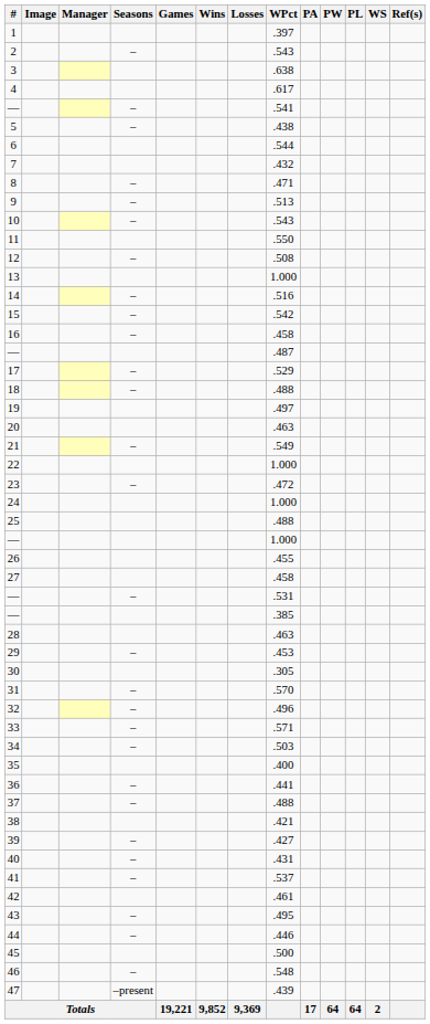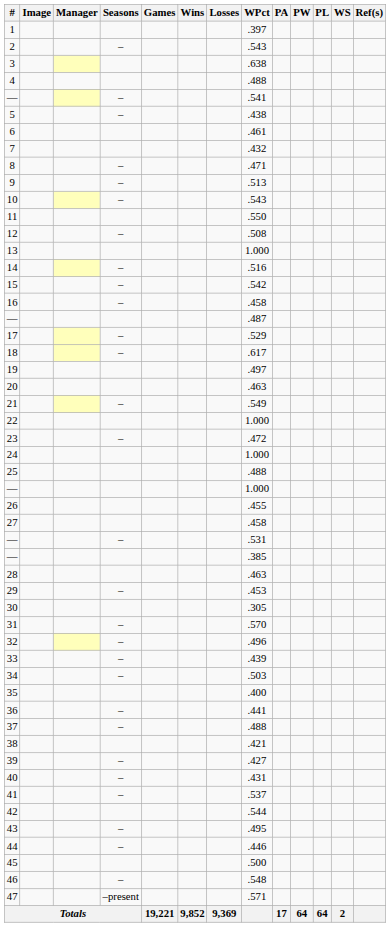 <table class="wikitable sortable" style="text-align:center">
 <tr>
 <th class="unsortable">#</th>
 <th>Image</th>
 <th>Manager</th>
 <th>Seasons</th>
 <th>Games</th>
 <th>Wins</th>
 <th>Losses</th>
 <th>WPct</th>
 <th>PA</th>
 <th>PW</th>
 <th>PL</th>
 <th>WS</th>
 <th class="unsortable">Ref(s)</th>
 </tr>
 <tr>
 <td>1</td>
 <td></td>
 <td></td>
 <td></td>
 <td></td>
 <td></td>
 <td></td>
 <td>.397</td>
 <td></td>
 <td></td>
 <td></td>
 <td></td>
 <td></td>
 </tr>
 <tr>
 <td>2</td>
 <td></td>
 <td></td>
 <td>–</td>
 <td></td>
 <td></td>
 <td></td>
 <td>.543</td>
 <td></td>
 <td></td>
 <td></td>
 <td></td>
 <td></td>
 </tr>
 <tr>
 <td>3</td>
 <td></td>
 <td bgcolor="#ffffbb"></td>
 <td></td>
 <td></td>
 <td></td>
 <td></td>
 <td>.638</td>
 <td></td>
 <td></td>
 <td></td>
 <td></td>
 <td></td>
 </tr>
 <tr>
 <td>4</td>
 <td></td>
 <td></td>
 <td></td>
 <td></td>
 <td></td>
 <td></td>
-<td>.617</td>
+<td>.488</td>
 <td></td>
 <td></td>
 <td></td>
 <td></td>
 <td></td>
 </tr>
 <tr>
 <td>—</td>
 <td></td>
 <td bgcolor="#ffffbb"></td>
 <td>–</td>
 <td></td>
 <td></td>
 <td></td>
 <td>.541</td>
 <td></td>
 <td></td>
 <td></td>
 <td></td>
 <td></td>
 </tr>
 <tr>
 <td>5</td>
 <td></td>
 <td></td>
 <td>–</td>
 <td></td>
 <td></td>
 <td></td>
 <td>.438</td>
 <td></td>
 <td></td>
 <td></td>
 <td></td>
 <td></td>
 </tr>
 <tr>
 <td>6</td>
 <td></td>
 <td></td>
 <td></td>
 <td></td>
 <td></td>
 <td></td>
-<td>.544</td>
+<td>.461</td>
 <td></td>
 <td></td>
 <td></td>
 <td></td>
 <td></td>
 </tr>
 <tr>
 <td>7</td>
 <td></td>
 <td></td>
 <td></td>
 <td></td>
 <td></td>
 <td></td>
 <td>.432</td>
 <td></td>
 <td></td>
 <td></td>
 <td></td>
 <td></td>
 </tr>
 <tr>
 <td>8</td>
 <td></td>
 <td></td>
 <td>–</td>
 <td></td>
 <td></td>
 <td></td>
 <td>.471</td>
 <td></td>
 <td></td>
 <td></td>
 <td></td>
 <td></td>
 </tr>
 <tr>
 <td>9</td>
 <td></td>
 <td></td>
 <td>–</td>
 <td></td>
 <td></td>
 <td></td>
 <td>.513</td>
 <td></td>
 <td></td>
 <td></td>
 <td></td>
 <td></td>
 </tr>
 <tr>
 <td>10</td>
 <td></td>
 <td bgcolor="#ffffbb"></td>
 <td>–</td>
 <td></td>
 <td></td>
 <td></td>
 <td>.543</td>
 <td></td>
 <td></td>
 <td></td>
 <td></td>
 <td></td>
 </tr>
 <tr>
 <td>11</td>
 <td></td>
 <td></td>
 <td></td>
 <td></td>
 <td></td>
 <td></td>
 <td>.550</td>
 <td></td>
 <td></td>
 <td></td>
 <td></td>
 <td></td>
 </tr>
 <tr>
 <td>12</td>
 <td></td>
 <td></td>
 <td>–</td>
 <td></td>
 <td></td>
 <td></td>
 <td>.508</td>
 <td></td>
 <td></td>
 <td></td>
 <td></td>
 <td></td>
 </tr>
 <tr>
 <td>13</td>
 <td></td>
 <td></td>
 <td></td>
 <td></td>
 <td></td>
 <td></td>
 <td>1.000</td>
 <td></td>
 <td></td>
 <td></td>
 <td></td>
 <td></td>
 </tr>
 <tr>
 <td>14</td>
 <td></td>
 <td bgcolor="#ffffbb"></td>
 <td>–</td>
 <td></td>
 <td></td>
 <td></td>
 <td>.516</td>
 <td></td>
 <td></td>
 <td></td>
 <td></td>
 <td></td>
 </tr>
 <tr>
 <td>15</td>
 <td></td>
 <td></td>
 <td>–</td>
 <td></td>
 <td></td>
 <td></td>
 <td>.542</td>
 <td></td>
 <td></td>
 <td></td>
 <td></td>
 <td></td>
 </tr>
 <tr>
 <td>16</td>
 <td></td>
 <td></td>
 <td>–</td>
 <td></td>
 <td></td>
 <td></td>
 <td>.458</td>
 <td></td>
 <td></td>
 <td></td>
 <td></td>
 <td></td>
 </tr>
 <tr>
 <td>—</td>
 <td></td>
 <td></td>
 <td></td>
 <td></td>
 <td></td>
 <td></td>
 <td>.487</td>
 <td></td>
 <td></td>
 <td></td>
 <td></td>
 <td></td>
 </tr>
 <tr>
 <td>17</td>
 <td></td>
 <td bgcolor="#ffffbb"></td>
 <td>–</td>
 <td></td>
 <td></td>
 <td></td>
 <td>.529</td>
 <td></td>
 <td></td>
 <td></td>
 <td></td>
 <td></td>
 </tr>
 <tr>
 <td>18</td>
 <td></td>
 <td bgcolor="#ffffbb"></td>
 <td>–</td>
 <td></td>
 <td></td>
 <td></td>
-<td>.488</td>
+<td>.617</td>
 <td></td>
 <td></td>
 <td></td>
 <td></td>
 <td></td>
 </tr>
 <tr>
 <td>19</td>
 <td></td>
 <td></td>
 <td></td>
 <td></td>
 <td></td>
 <td></td>
 <td>.497</td>
 <td></td>
 <td></td>
 <td></td>
 <td></td>
 <td></td>
 </tr>
 <tr>
 <td>20</td>
 <td></td>
 <td></td>
 <td></td>
 <td></td>
 <td></td>
 <td></td>
 <td>.463</td>
 <td></td>
 <td></td>
 <td></td>
 <td></td>
 <td></td>
 </tr>
 <tr>
 <td>21</td>
 <td></td>
 <td bgcolor="#ffffbb"></td>
 <td>–</td>
 <td></td>
 <td></td>
 <td></td>
 <td>.549</td>
 <td></td>
 <td></td>
 <td></td>
 <td></td>
 <td></td>
 </tr>
 <tr>
 <td>22</td>
 <td></td>
 <td></td>
 <td></td>
 <td></td>
 <td></td>
 <td></td>
 <td>1.000</td>
 <td></td>
 <td></td>
 <td></td>
 <td></td>
 <td></td>
 </tr>
 <tr>
 <td>23</td>
 <td></td>
 <td></td>
 <td>–</td>
 <td></td>
 <td></td>
 <td></td>
 <td>.472</td>
 <td></td>
 <td></td>
 <td></td>
 <td></td>
 <td></td>
 </tr>
 <tr>
 <td>24</td>
 <td></td>
 <td></td>
 <td></td>
 <td></td>
 <td></td>
 <td></td>
 <td>1.000</td>
 <td></td>
 <td></td>
 <td></td>
 <td></td>
 <td></td>
 </tr>
 <tr>
 <td>25</td>
 <td></td>
 <td></td>
 <td></td>
 <td></td>
 <td></td>
 <td></td>
 <td>.488</td>
 <td></td>
 <td></td>
 <td></td>
 <td></td>
 <td></td>
 </tr>
 <tr>
 <td>—</td>
 <td></td>
 <td></td>
 <td></td>
 <td></td>
 <td></td>
 <td></td>
 <td>1.000</td>
 <td></td>
 <td></td>
 <td></td>
 <td></td>
 <td></td>
 </tr>
 <tr>
 <td>26</td>
 <td></td>
 <td></td>
 <td></td>
 <td></td>
 <td></td>
 <td></td>
 <td>.455</td>
 <td></td>
 <td></td>
 <td></td>
 <td></td>
 <td></td>
 </tr>
 <tr>
 <td>27</td>
 <td></td>
 <td></td>
 <td></td>
 <td></td>
 <td></td>
 <td></td>
 <td>.458</td>
 <td></td>
 <td></td>
 <td></td>
 <td></td>
 <td></td>
 </tr>
 <tr>
 <td>—</td>
 <td></td>
 <td></td>
 <td>–</td>
 <td></td>
 <td></td>
 <td></td>
 <td>.531</td>
 <td></td>
 <td></td>
 <td></td>
 <td></td>
 <td></td>
 </tr>
 <tr>
 <td>—</td>
 <td></td>
 <td></td>
 <td></td>
 <td></td>
 <td></td>
 <td></td>
 <td>.385</td>
 <td></td>
 <td></td>
 <td></td>
 <td></td>
 <td></td>
 </tr>
 <tr>
 <td>28</td>
 <td></td>
 <td></td>
 <td></td>
 <td></td>
 <td></td>
 <td></td>
 <td>.463</td>
 <td></td>
 <td></td>
 <td></td>
 <td></td>
 <td></td>
 </tr>
 <tr>
 <td>29</td>
 <td></td>
 <td></td>
 <td>–</td>
 <td></td>
 <td></td>
 <td></td>
 <td>.453</td>
 <td></td>
 <td></td>
 <td></td>
 <td></td>
 <td></td>
 </tr>
 <tr>
 <td>30</td>
 <td></td>
 <td></td>
 <td></td>
 <td></td>
 <td></td>
 <td></td>
 <td>.305</td>
 <td></td>
 <td></td>
 <td></td>
 <td></td>
 <td></td>
 </tr>
 <tr>
 <td>31</td>
 <td></td>
 <td></td>
 <td>–</td>
 <td></td>
 <td></td>
 <td></td>
 <td>.570</td>
 <td></td>
 <td></td>
 <td></td>
 <td></td>
 <td></td>
 </tr>
 <tr>
 <td>32</td>
 <td></td>
 <td bgcolor="#ffffbb"></td>
 <td>–</td>
 <td></td>
 <td></td>
 <td></td>
 <td>.496</td>
 <td></td>
 <td></td>
 <td></td>
 <td></td>
 <td></td>
 </tr>
 <tr>
 <td>33</td>
 <td></td>
 <td></td>
 <td>–</td>
 <td></td>
 <td></td>
 <td></td>
-<td>.571</td>
+<td>.439</td>
 <td></td>
 <td></td>
 <td></td>
 <td></td>
 <td></td>
 </tr>
 <tr>
 <td>34</td>
 <td></td>
 <td></td>
 <td>–</td>
 <td></td>
 <td></td>
 <td></td>
 <td>.503</td>
 <td></td>
 <td></td>
 <td></td>
 <td></td>
 <td></td>
 </tr>
 <tr>
 <td>35</td>
 <td></td>
 <td></td>
 <td></td>
 <td></td>
 <td></td>
 <td></td>
 <td>.400</td>
 <td></td>
 <td></td>
 <td></td>
 <td></td>
 <td></td>
 </tr>
 <tr>
 <td>36</td>
 <td></td>
 <td></td>
 <td>–</td>
 <td></td>
 <td></td>
 <td></td>
 <td>.441</td>
 <td></td>
 <td></td>
 <td></td>
 <td></td>
 <td></td>
 </tr>
 <tr>
 <td>37</td>
 <td></td>
 <td></td>
 <td>–</td>
 <td></td>
 <td></td>
 <td></td>
 <td>.488</td>
 <td></td>
 <td></td>
 <td></td>
 <td></td>
 <td></td>
 </tr>
 <tr>
 <td>38</td>
 <td></td>
 <td></td>
 <td></td>
 <td></td>
 <td></td>
 <td></td>
 <td>.421</td>
 <td></td>
 <td></td>
 <td></td>
 <td></td>
 <td></td>
 </tr>
 <tr>
 <td>39</td>
 <td></td>
 <td></td>
 <td>–</td>
 <td></td>
 <td></td>
 <td></td>
 <td>.427</td>
 <td></td>
 <td></td>
 <td></td>
 <td></td>
 <td></td>
 </tr>
 <tr>
 <td>40</td>
 <td></td>
 <td></td>
 <td>–</td>
 <td></td>
 <td></td>
 <td></td>
 <td>.431</td>
 <td></td>
 <td></td>
 <td></td>
 <td></td>
 <td></td>
 </tr>
 <tr>
 <td>41</td>
 <td></td>
 <td></td>
 <td>–</td>
 <td></td>
 <td></td>
 <td></td>
 <td>.537</td>
 <td></td>
 <td></td>
 <td></td>
 <td></td>
 <td></td>
 </tr>
 <tr>
 <td>42</td>
 <td></td>
 <td></td>
 <td></td>
 <td></td>
 <td></td>
 <td></td>
-<td>.461</td>
+<td>.544</td>
 <td></td>
 <td></td>
 <td></td>
 <td></td>
 <td></td>
 </tr>
 <tr>
 <td>43</td>
 <td></td>
 <td></td>
 <td>–</td>
 <td></td>
 <td></td>
 <td></td>
 <td>.495</td>
 <td></td>
 <td></td>
 <td></td>
 <td></td>
 <td></td>
 </tr>
 <tr>
 <td>44</td>
 <td></td>
 <td></td>
 <td>–</td>
 <td></td>
 <td></td>
 <td></td>
 <td>.446</td>
 <td></td>
 <td></td>
 <td></td>
 <td></td>
 <td></td>
 </tr>
 <tr>
 <td>45</td>
 <td></td>
 <td></td>
 <td></td>
 <td></td>
 <td></td>
 <td></td>
 <td>.500</td>
 <td></td>
 <td></td>
 <td></td>
 <td></td>
 <td></td>
 </tr>
 <tr>
 <td>46</td>
 <td></td>
 <td></td>
 <td>–</td>
 <td></td>
 <td></td>
 <td></td>
 <td>.548</td>
 <td></td>
 <td></td>
 <td></td>
 <td></td>
 <td></td>
 </tr>
 <tr>
 <td>47</td>
 <td></td>
 <td></td>
 <td>–present</td>
 <td></td>
 <td></td>
 <td></td>
-<td>.439</td>
+<td>.571</td>
 <td></td>
 <td></td>
 <td></td>
 <td></td>
 <td></td>
 </tr>
 <tr class="sortbottom">
 <th colspan="4"><strong><em>Totals</em></strong></th>
 <th>19,221</th>
 <th>9,852</th>
 <th>9,369</th>
 <th></th>
 <th>17</th>
 <th>64</th>
 <th>64</th>
 <th>2</th>
 <th></th>
 </tr>
 </table>
